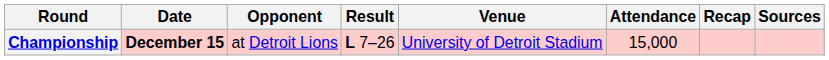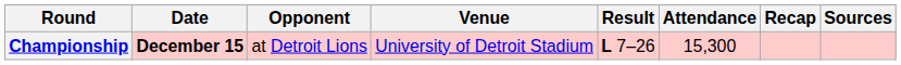 <table class="wikitable" style="text-align:center">
 <tr>
 <th>Round</th>
 <th>Date</th>
 <th>Opponent</th>
+<th>Venue</th>
 <th>Result</th>
-<th>Venue</th>
 <th>Attendance</th>
 <th>Recap</th>
 <th>Sources</th>
 </tr>
 <tr style="background:#fcc">
 <th><a href='#'>Championship</a></th>
 <td><strong>December 15</strong></td>
 <td>at <a href='#'>Detroit Lions</a></td>
+<td><a href='#'>University of Detroit Stadium</a></td>
 <td><strong>L</strong> 7–26</td>
-<td><a href='#'>University of Detroit Stadium</a></td>
-<td>15,000</td>
+<td>15,300</td>
 <td></td>
 <td></td>
 </tr>
 </table>
